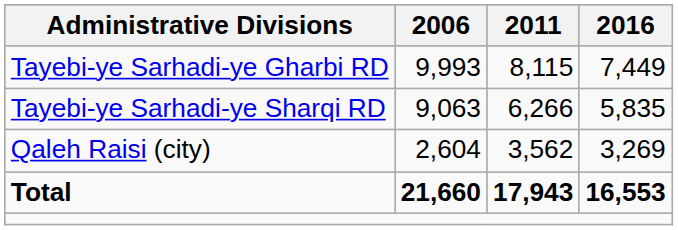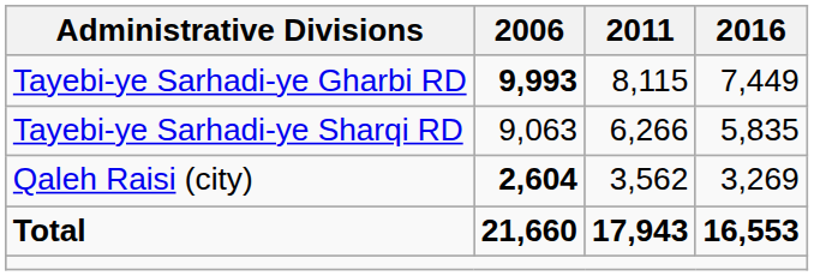 <table class="wikitable">
 <tr>
 <th>Administrative Divisions</th>
 <th>2006</th>
 <th>2011</th>
 <th>2016</th>
 </tr>
 <tr>
 <td><a href='#'>Tayebi-ye Sarhadi-ye Gharbi RD</a></td>
-<td style="text-align: right;">9,993</td>
+<td style="text-align: right;"><strong>9,993</strong></td>
 <td style="text-align: right;">8,115</td>
 <td style="text-align: right;">7,449</td>
 </tr>
 <tr>
 <td><a href='#'>Tayebi-ye Sarhadi-ye Sharqi RD</a></td>
 <td style="text-align: right;">9,063</td>
 <td style="text-align: right;">6,266</td>
 <td style="text-align: right;">5,835</td>
 </tr>
 <tr>
 <td><a href='#'>Qaleh Raisi</a> (city)</td>
-<td style="text-align: right;">2,604</td>
+<td style="text-align: right;"><strong>2,604</strong></td>
 <td style="text-align: right;">3,562</td>
 <td style="text-align: right;">3,269</td>
 </tr>
 <tr>
 <td><strong>Total</strong></td>
 <td style="text-align: right;"><strong>21,660</strong></td>
 <td style="text-align: right;"><strong>17,943</strong></td>
 <td style="text-align: right;"><strong>16,553</strong></td>
 </tr>
 <tr>
 <td colspan=4></td>
 </tr>
 </table>
